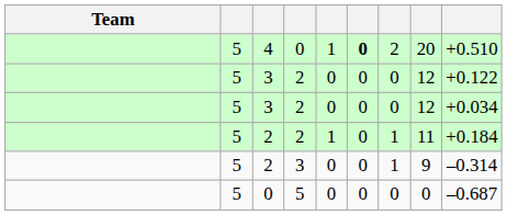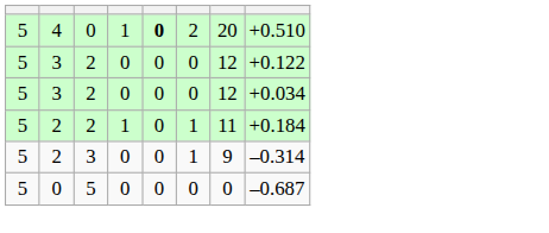 <table class="wikitable" style="text-align:center">
 <tr>
-<th width=180>Team</th>
 <th width=20></th>
 <th width=20></th>
 <th width=20></th>
 <th width=20></th>
 <th width=20></th>
 <th width=20></th>
 <th width=20></th>
 <th width=45></th>
 </tr>
 <tr style="background:#cfc">
-<td align="left"></td>
 <td>5</td>
 <td>4</td>
 <td>0</td>
 <td>1</td>
 <td><strong>0</strong></td>
 <td>2</td>
 <td>20</td>
 <td>+0.510</td>
 </tr>
 <tr style="background:#cfc">
-<td align="left"></td>
 <td>5</td>
 <td>3</td>
 <td>2</td>
 <td>0</td>
 <td>0</td>
 <td>0</td>
 <td>12</td>
 <td>+0.122</td>
 </tr>
 <tr style="background:#cfc">
-<td align="left"></td>
 <td>5</td>
 <td>3</td>
 <td>2</td>
 <td>0</td>
 <td>0</td>
 <td>0</td>
 <td>12</td>
 <td>+0.034</td>
 </tr>
 <tr style="background:#cfc">
-<td align="left"></td>
 <td>5</td>
 <td>2</td>
 <td>2</td>
 <td>1</td>
 <td>0</td>
 <td>1</td>
 <td>11</td>
 <td>+0.184</td>
 </tr>
 <tr>
-<td align="left"></td>
 <td>5</td>
 <td>2</td>
 <td>3</td>
 <td>0</td>
 <td>0</td>
 <td>1</td>
 <td>9</td>
 <td>–0.314</td>
 </tr>
 <tr>
-<td align="left"></td>
 <td>5</td>
 <td>0</td>
 <td>5</td>
 <td>0</td>
 <td>0</td>
 <td>0</td>
 <td>0</td>
 <td>–0.687</td>
 </tr>
 </table>
